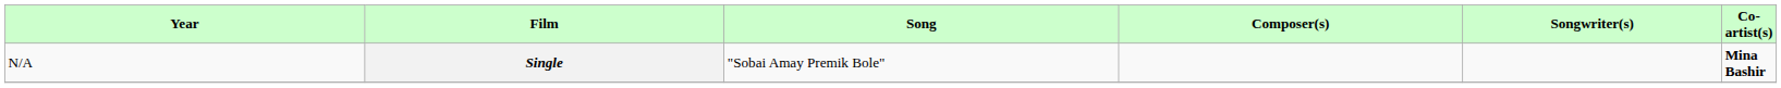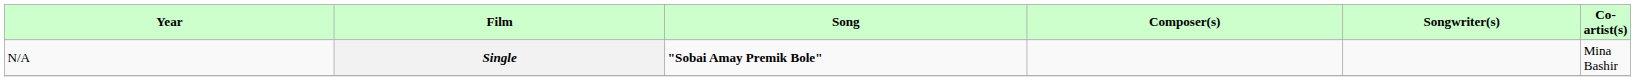 <table class="wikitable plainrowheaders" width="100%" textcolor:#000;">
 <tr style="background:#cfc; text-align:center;">
 <td scope="col" width=21%><strong>Year</strong></td>
 <td scope="col" width=21%><strong>Film</strong></td>
 <td scope="col" width=23%><strong>Song</strong></td>
 <td scope="col" width=20%><strong>Composer(s)</strong></td>
 <td scope="col" width=20%><strong>Songwriter(s)</strong></td>
 <td scope="col" width=21%><strong>Co-artist(s)</strong></td>
 </tr>
 <tr>
 <td>N/A</td>
 <th><em>Single</em></th>
-<td>"Sobai Amay Premik Bole"</td>
+<td><strong>"Sobai Amay Premik Bole"</strong></td>
 <td></td>
 <td></td>
-<td><strong>Mina Bashir</strong></td>
+<td>Mina Bashir</td>
 </tr>
 <tr>
 </tr>
 </table>
